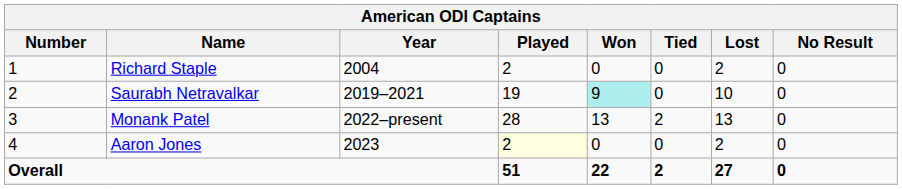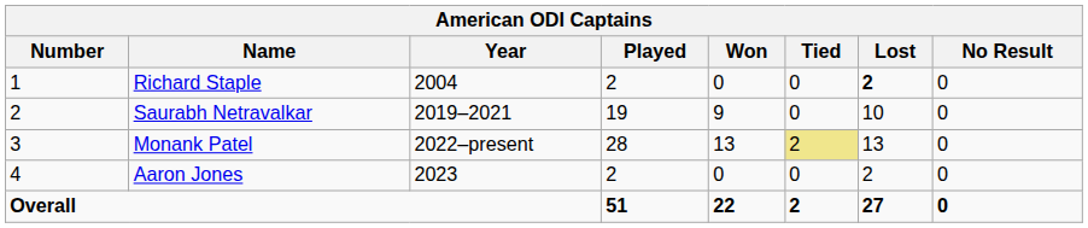 <table class="wikitable" width="70%">
 <tr>
 <th bgcolor="#efefef" colspan=9>American ODI Captains</th>
 </tr>
 <tr bgcolor="#efefef">
 <th>Number</th>
 <th>Name</th>
 <th>Year</th>
 <th>Played</th>
 <th>Won</th>
 <th>Tied</th>
 <th>Lost</th>
 <th>No Result</th>
 </tr>
 <tr>
 <td>1</td>
 <td><a href='#'>Richard Staple</a></td>
 <td>2004</td>
 <td>2</td>
 <td>0</td>
 <td>0</td>
-<td>2</td>
+<td><strong>2</strong></td>
 <td>0</td>
 </tr>
 <tr>
 <td>2</td>
 <td><a href='#'>Saurabh Netravalkar</a></td>
 <td>2019–2021</td>
 <td>19</td>
-<td style="background: paleturquoise;">9</td>
+<td>9</td>
 <td>0</td>
 <td>10</td>
 <td>0</td>
 </tr>
 <tr>
 <td>3</td>
 <td><a href='#'>Monank Patel</a></td>
 <td>2022–present</td>
 <td>28</td>
 <td>13</td>
-<td>2</td>
+<td style="background: khaki;">2</td>
 <td>13</td>
 <td>0</td>
 </tr>
 <tr>
 <td>4</td>
 <td><a href='#'>Aaron Jones</a></td>
 <td>2023</td>
-<td style="background: lightyellow;">2</td>
+<td>2</td>
 <td>0</td>
 <td>0</td>
 <td>2</td>
 <td>0</td>
 </tr>
 <tr>
 <td colspan="3"><strong>Overall</strong></td>
 <td><strong>51</strong></td>
 <td><strong>22</strong></td>
 <td><strong>2</strong></td>
 <td><strong>27</strong></td>
 <td><strong>0</strong></td>
 </tr>
 </table>
